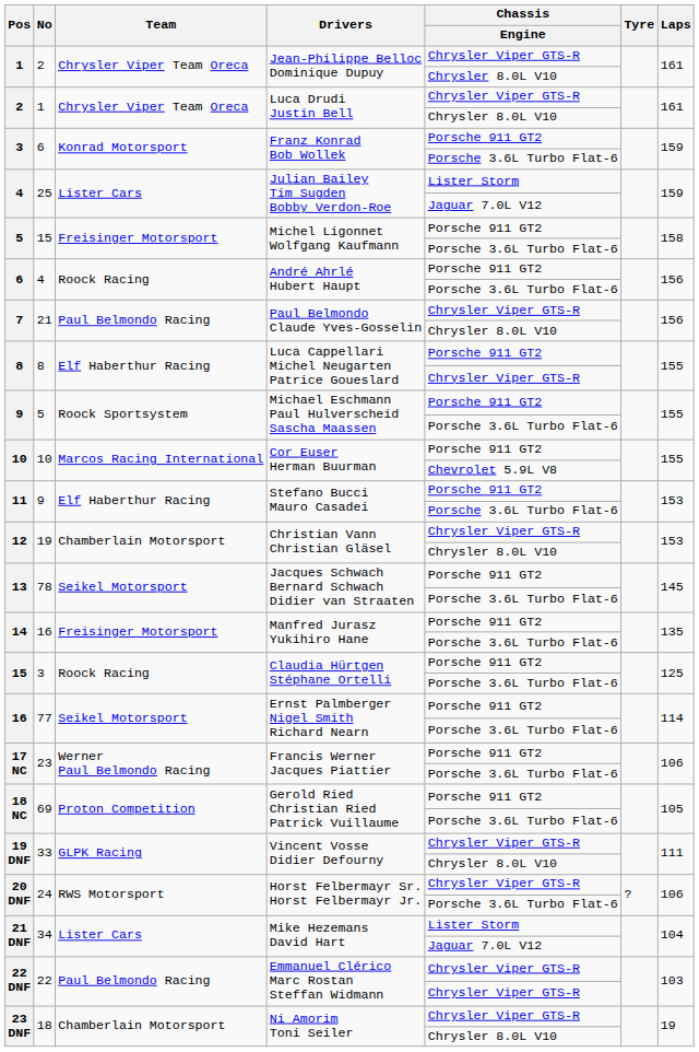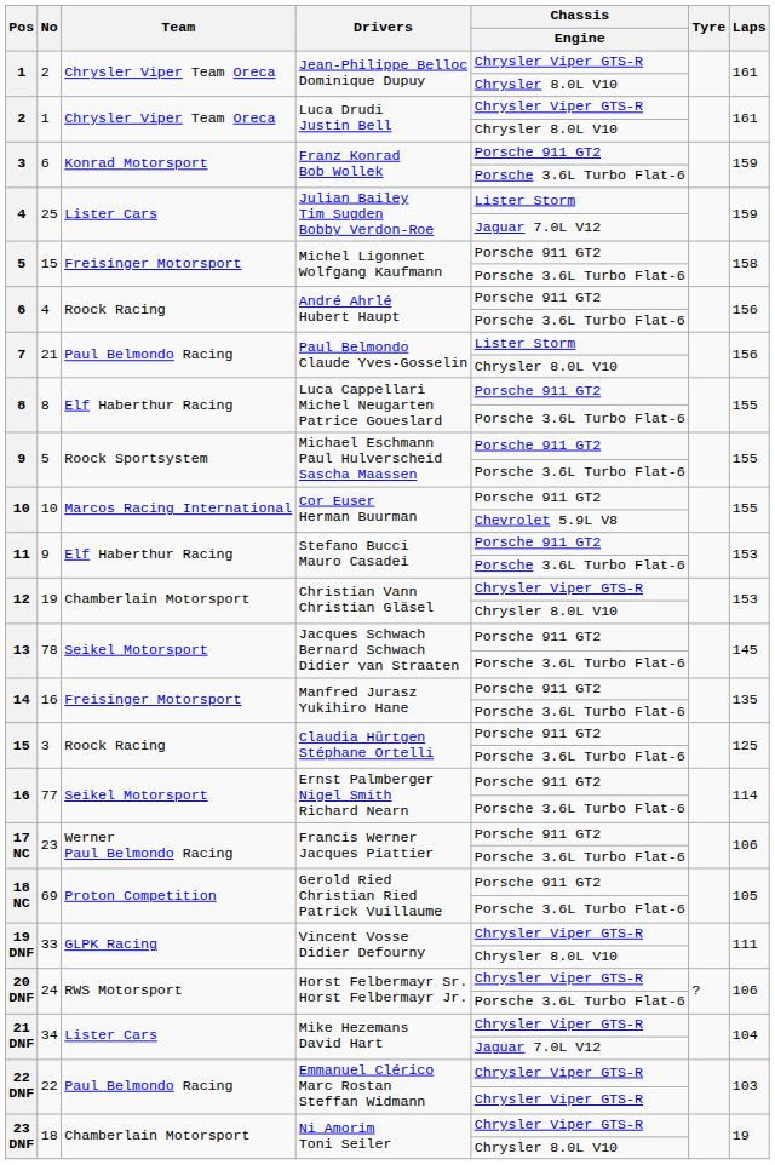 <table class="wikitable" style="font-size: 95%;">
 <tr>
 <th rowspan=2>Pos</th>
 <th rowspan=2>No</th>
 <th rowspan=2>Team</th>
 <th rowspan=2>Drivers</th>
 <th>Chassis</th>
 <th rowspan=2>Tyre</th>
 <th rowspan=2>Laps</th>
 </tr>
 <tr>
 <th>Engine</th>
 </tr>
 <tr>
 <th rowspan=2>1</th>
 <td rowspan=2>2</td>
 <td rowspan=2> <a href='#'>Chrysler Viper</a> Team <a href='#'>Oreca</a></td>
 <td rowspan=2> <a href='#'>Jean-Philippe Belloc</a><br> Dominique Dupuy</td>
 <td><a href='#'>Chrysler Viper GTS-R</a></td>
 <td rowspan=2></td>
 <td rowspan=2>161</td>
 </tr>
 <tr>
 <td><a href='#'>Chrysler</a> 8.0L V10</td>
 </tr>
 <tr>
 <th rowspan=2>2</th>
 <td rowspan=2>1</td>
 <td rowspan=2> <a href='#'>Chrysler Viper</a> Team <a href='#'>Oreca</a></td>
 <td rowspan=2> Luca Drudi<br> <a href='#'>Justin Bell</a></td>
 <td><a href='#'>Chrysler Viper GTS-R</a></td>
 <td rowspan=2></td>
 <td rowspan=2>161</td>
 </tr>
 <tr>
 <td>Chrysler 8.0L V10</td>
 </tr>
 <tr>
 <th rowspan=2>3</th>
 <td rowspan=2>6</td>
 <td rowspan=2> <a href='#'>Konrad Motorsport</a></td>
 <td rowspan=2> <a href='#'>Franz Konrad</a><br> <a href='#'>Bob Wollek</a></td>
 <td><a href='#'>Porsche 911 GT2</a></td>
 <td rowspan=2></td>
 <td rowspan=2>159</td>
 </tr>
 <tr>
 <td><a href='#'>Porsche</a> 3.6L Turbo Flat-6</td>
 </tr>
 <tr>
 <th rowspan=2>4</th>
 <td rowspan=2>25</td>
 <td rowspan=2> <a href='#'>Lister Cars</a></td>
 <td rowspan=2> <a href='#'>Julian Bailey</a><br> <a href='#'>Tim Sugden</a><br> <a href='#'>Bobby Verdon-Roe</a></td>
 <td><a href='#'>Lister Storm</a></td>
 <td rowspan=2></td>
 <td rowspan=2>159</td>
 </tr>
 <tr>
 <td><a href='#'>Jaguar</a> 7.0L V12</td>
 </tr>
 <tr>
 <th rowspan=2>5</th>
 <td rowspan=2>15</td>
 <td rowspan=2> <a href='#'>Freisinger Motorsport</a></td>
 <td rowspan=2> Michel Ligonnet<br> Wolfgang Kaufmann</td>
 <td>Porsche 911 GT2</td>
 <td rowspan=2></td>
 <td rowspan=2>158</td>
 </tr>
 <tr>
 <td>Porsche 3.6L Turbo Flat-6</td>
 </tr>
 <tr>
 <th rowspan=2>6</th>
 <td rowspan=2>4</td>
 <td rowspan=2> Roock Racing</td>
 <td rowspan=2> <a href='#'>André Ahrlé</a><br> Hubert Haupt</td>
 <td>Porsche 911 GT2</td>
 <td rowspan=2></td>
 <td rowspan=2>156</td>
 </tr>
 <tr>
 <td>Porsche 3.6L Turbo Flat-6</td>
 </tr>
 <tr>
 <th rowspan=2>7</th>
 <td rowspan=2>21</td>
 <td rowspan=2> <a href='#'>Paul Belmondo</a> Racing</td>
 <td rowspan=2> <a href='#'>Paul Belmondo</a><br> Claude Yves-Gosselin</td>
-<td><a href='#'>Chrysler Viper GTS-R</a></td>
+<td><a href='#'>Lister Storm</a></td>
 <td rowspan=2></td>
 <td rowspan=2>156</td>
 </tr>
 <tr>
 <td>Chrysler 8.0L V10</td>
 </tr>
 <tr>
 <th rowspan=2>8</th>
 <td rowspan=2>8</td>
 <td rowspan=2> <a href='#'>Elf</a> Haberthur Racing</td>
 <td rowspan=2> Luca Cappellari<br> Michel Neugarten<br> Patrice Goueslard</td>
 <td><a href='#'>Porsche 911 GT2</a></td>
 <td rowspan=2></td>
 <td rowspan=2>155</td>
 </tr>
 <tr>
-<td><a href='#'>Chrysler Viper GTS-R</a></td>
+<td>Porsche 3.6L Turbo Flat-6</td>
 </tr>
 <tr>
 <th rowspan=2>9</th>
 <td rowspan=2>5</td>
 <td rowspan=2> Roock Sportsystem</td>
 <td rowspan=2> Michael Eschmann<br> Paul Hulverscheid<br> <a href='#'>Sascha Maassen</a></td>
 <td><a href='#'>Porsche 911 GT2</a></td>
 <td rowspan=2></td>
 <td rowspan=2>155</td>
 </tr>
 <tr>
 <td>Porsche 3.6L Turbo Flat-6</td>
 </tr>
 <tr>
 <th rowspan=2>10</th>
 <td rowspan=2>10</td>
 <td rowspan=2> <a href='#'>Marcos Racing International</a></td>
 <td rowspan=2> <a href='#'>Cor Euser</a><br> Herman Buurman</td>
 <td>Porsche 911 GT2</td>
 <td rowspan=2></td>
 <td rowspan=2>155</td>
 </tr>
 <tr>
 <td><a href='#'>Chevrolet</a> 5.9L V8</td>
 </tr>
 <tr>
 <th rowspan=2>11</th>
 <td rowspan=2>9</td>
 <td rowspan=2> <a href='#'>Elf</a> Haberthur Racing</td>
 <td rowspan=2> Stefano Bucci<br> Mauro Casadei</td>
 <td><a href='#'>Porsche 911 GT2</a></td>
 <td rowspan=2></td>
 <td rowspan=2>153</td>
 </tr>
 <tr>
 <td><a href='#'>Porsche</a> 3.6L Turbo Flat-6</td>
 </tr>
 <tr>
 <th rowspan=2>12</th>
 <td rowspan=2>19</td>
 <td rowspan=2> Chamberlain Motorsport</td>
 <td rowspan=2> Christian Vann<br> Christian Gläsel</td>
 <td><a href='#'>Chrysler Viper GTS-R</a></td>
 <td rowspan=2></td>
 <td rowspan=2>153</td>
 </tr>
 <tr>
 <td>Chrysler 8.0L V10</td>
 </tr>
 <tr>
 <th rowspan=2>13</th>
 <td rowspan=2>78</td>
 <td rowspan=2> <a href='#'>Seikel Motorsport</a></td>
 <td rowspan=2> Jacques Schwach<br> Bernard Schwach<br> Didier van Straaten</td>
 <td>Porsche 911 GT2</td>
 <td rowspan=2></td>
 <td rowspan=2>145</td>
 </tr>
 <tr>
 <td>Porsche 3.6L Turbo Flat-6</td>
 </tr>
 <tr>
 <th rowspan=2>14</th>
 <td rowspan=2>16</td>
 <td rowspan=2> <a href='#'>Freisinger Motorsport</a></td>
 <td rowspan=2> Manfred Jurasz<br> Yukihiro Hane</td>
 <td>Porsche 911 GT2</td>
 <td rowspan=2></td>
 <td rowspan=2>135</td>
 </tr>
 <tr>
 <td>Porsche 3.6L Turbo Flat-6</td>
 </tr>
 <tr>
 <th rowspan=2>15</th>
 <td rowspan=2>3</td>
 <td rowspan=2> Roock Racing</td>
 <td rowspan=2> <a href='#'>Claudia Hürtgen</a><br> <a href='#'>Stéphane Ortelli</a></td>
 <td>Porsche 911 GT2</td>
 <td rowspan=2></td>
 <td rowspan=2>125</td>
 </tr>
 <tr>
 <td>Porsche 3.6L Turbo Flat-6</td>
 </tr>
 <tr>
 <th rowspan=2>16</th>
 <td rowspan=2>77</td>
 <td rowspan=2> <a href='#'>Seikel Motorsport</a></td>
 <td rowspan=2> Ernst Palmberger<br> <a href='#'>Nigel Smith</a><br> Richard Nearn</td>
 <td>Porsche 911 GT2</td>
 <td rowspan=2></td>
 <td rowspan=2>114</td>
 </tr>
 <tr>
 <td>Porsche 3.6L Turbo Flat-6</td>
 </tr>
 <tr>
 <th rowspan=2>17<br>NC</th>
 <td rowspan=2>23</td>
 <td rowspan=2> Werner<br> <a href='#'>Paul Belmondo</a> Racing</td>
 <td rowspan=2> Francis Werner<br> Jacques Piattier</td>
 <td>Porsche 911 GT2</td>
 <td rowspan=2></td>
 <td rowspan=2>106</td>
 </tr>
 <tr>
 <td>Porsche 3.6L Turbo Flat-6</td>
 </tr>
 <tr>
 <th rowspan=2>18<br>NC</th>
 <td rowspan=2>69</td>
 <td rowspan=2> <a href='#'>Proton Competition</a></td>
 <td rowspan=2> Gerold Ried<br> Christian Ried<br> Patrick Vuillaume</td>
 <td>Porsche 911 GT2</td>
 <td rowspan=2></td>
 <td rowspan=2>105</td>
 </tr>
 <tr>
 <td>Porsche 3.6L Turbo Flat-6</td>
 </tr>
 <tr>
 <th rowspan=2>19<br>DNF</th>
 <td rowspan=2>33</td>
 <td rowspan=2> <a href='#'>GLPK Racing</a></td>
 <td rowspan=2> Vincent Vosse<br> Didier Defourny</td>
 <td><a href='#'>Chrysler Viper GTS-R</a></td>
 <td rowspan=2></td>
 <td rowspan=2>111</td>
 </tr>
 <tr>
 <td>Chrysler 8.0L V10</td>
 </tr>
 <tr>
 <th rowspan=2>20<br>DNF</th>
 <td rowspan=2>24</td>
 <td rowspan=2> RWS Motorsport</td>
 <td rowspan=2> Horst Felbermayr Sr.<br> Horst Felbermayr Jr.</td>
 <td><a href='#'>Chrysler Viper GTS-R</a></td>
 <td rowspan=2>?</td>
 <td rowspan=2>106</td>
 </tr>
 <tr>
 <td>Porsche 3.6L Turbo Flat-6</td>
 </tr>
 <tr>
 <th rowspan=2>21<br>DNF</th>
 <td rowspan=2>34</td>
 <td rowspan=2> <a href='#'>Lister Cars</a></td>
 <td rowspan=2> Mike Hezemans<br> David Hart</td>
-<td><a href='#'>Lister Storm</a></td>
+<td><a href='#'>Chrysler Viper GTS-R</a></td>
 <td rowspan=2></td>
 <td rowspan=2>104</td>
 </tr>
 <tr>
 <td><a href='#'>Jaguar</a> 7.0L V12</td>
 </tr>
 <tr>
 <th rowspan=2>22<br>DNF</th>
 <td rowspan=2>22</td>
 <td rowspan=2> <a href='#'>Paul Belmondo</a> Racing</td>
 <td rowspan=2> <a href='#'>Emmanuel Clérico</a><br> Marc Rostan<br> Steffan Widmann</td>
 <td><a href='#'>Chrysler Viper GTS-R</a></td>
 <td rowspan=2></td>
 <td rowspan=2>103</td>
 </tr>
 <tr>
 <td><a href='#'>Chrysler Viper GTS-R</a></td>
 </tr>
 <tr>
 <th rowspan=2>23<br>DNF</th>
 <td rowspan=2>18</td>
 <td rowspan=2> Chamberlain Motorsport</td>
 <td rowspan=2> <a href='#'>Ni Amorim</a><br> Toni Seiler</td>
 <td><a href='#'>Chrysler Viper GTS-R</a></td>
 <td rowspan=2></td>
 <td rowspan=2>19</td>
 </tr>
 <tr>
 <td>Chrysler 8.0L V10</td>
 </tr>
 </table>
